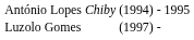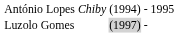 <table border="0" style="text-align:center;">
 <tr>
 <td align=left> António Lopes <em>Chiby</em></td>
 <td>(1994)</td>
 <td>-</td>
 <td>1995</td>
 </tr>
 <tr>
 <td align=left> Luzolo Gomes</td>
-<td>(1997)</td>
+<td style="background: lightgrey;">(1997)</td>
 <td>-</td>
 <td></td>
 </tr>
 </table>
